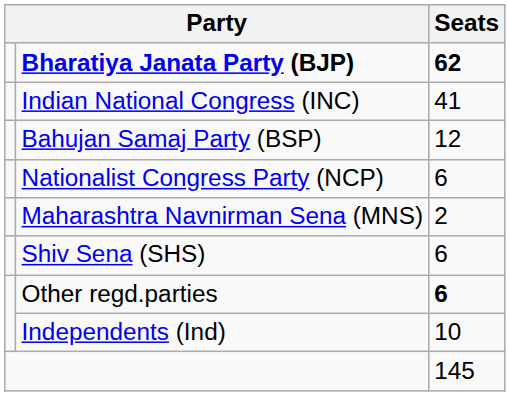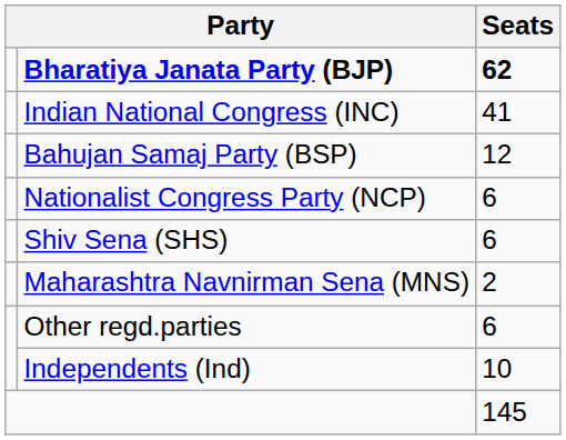 <table class="wikitable">
 <tr>
 <th colspan="2">Party</th>
 <th>Seats</th>
 </tr>
 <tr>
 <td style="background-color: "></td>
 <td><strong><a href='#'>Bharatiya Janata Party</a> (BJP)</strong></td>
 <td><strong>62</strong></td>
 </tr>
 <tr>
 <td style="background-color: "></td>
 <td><a href='#'>Indian National Congress</a> (INC)</td>
 <td>41</td>
 </tr>
 <tr>
 <td style="background-color: "></td>
 <td><a href='#'>Bahujan Samaj Party</a> (BSP)</td>
 <td>12</td>
 </tr>
 <tr>
 <td style="background-color: "></td>
 <td><a href='#'>Nationalist Congress Party</a> (NCP)</td>
 <td>6</td>
 </tr>
 <tr>
 <td style="background-color: "></td>
+<td><a href='#'>Shiv Sena</a> (SHS)</td>
+<td>6</td>
+</tr>
+<tr>
+<td style="background-color: "></td>
 <td><a href='#'>Maharashtra Navnirman Sena</a> (MNS)</td>
 <td>2</td>
 </tr>
 <tr>
-<td style="background-color: "></td>
-<td><a href='#'>Shiv Sena</a> (SHS)</td>
-<td>6</td>
-</tr>
-<tr>
 <td rowspan="2" style="background-color: "></td>
 <td>Other regd.parties</td>
-<td><strong>6</strong></td>
+<td>6</td>
 </tr>
 <tr>
 <td><a href='#'>Independents</a> (Ind)</td>
 <td>10</td>
 </tr>
 <tr>
 <td colspan="2"></td>
 <td>145</td>
 </tr>
 </table>
